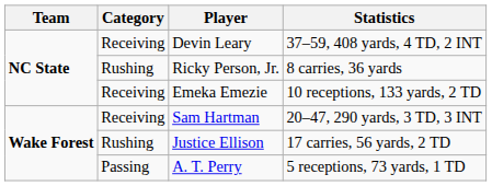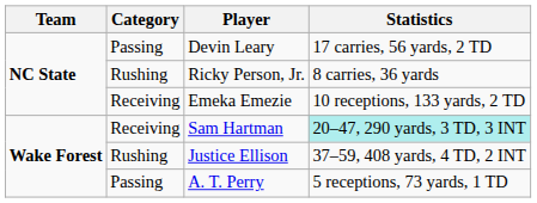 <table class="wikitable" style="float: left;">
 <tr>
 <th>Team</th>
 <th>Category</th>
 <th>Player</th>
 <th>Statistics</th>
 </tr>
 <tr>
 <td rowspan=3><strong>NC State</strong></td>
-<td>Receiving</td>
+<td>Passing</td>
 <td>Devin Leary</td>
-<td>37–59, 408 yards, 4 TD, 2 INT</td>
+<td>17 carries, 56 yards, 2 TD</td>
 </tr>
 <tr>
 <td>Rushing</td>
 <td>Ricky Person, Jr.</td>
 <td>8 carries, 36 yards</td>
 </tr>
 <tr>
 <td>Receiving</td>
 <td>Emeka Emezie</td>
 <td>10 receptions, 133 yards, 2 TD</td>
 </tr>
 <tr>
 <td rowspan=3><strong>Wake Forest</strong></td>
 <td>Receiving</td>
 <td><a href='#'>Sam Hartman</a></td>
-<td>20–47, 290 yards, 3 TD, 3 INT</td>
+<td style="background: paleturquoise;">20–47, 290 yards, 3 TD, 3 INT</td>
 </tr>
 <tr>
 <td>Rushing</td>
 <td><a href='#'>Justice Ellison</a></td>
-<td>17 carries, 56 yards, 2 TD</td>
+<td>37–59, 408 yards, 4 TD, 2 INT</td>
 </tr>
 <tr>
 <td>Passing</td>
 <td><a href='#'>A. T. Perry</a></td>
 <td>5 receptions, 73 yards, 1 TD</td>
 </tr>
 </table>
